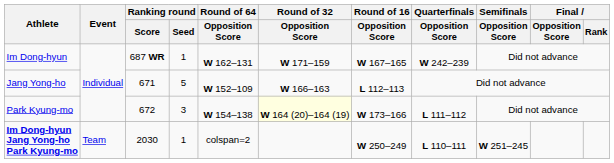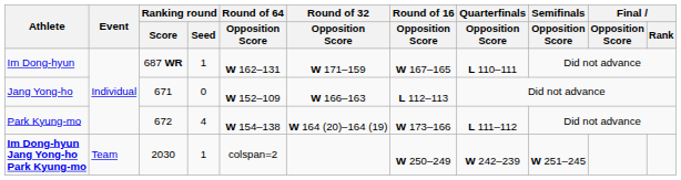 <table class="wikitable" style="font-size:90%">
 <tr>
 <th rowspan="2">Athlete</th>
 <th rowspan="2">Event</th>
 <th colspan="2">Ranking round</th>
 <th>Round of 64</th>
 <th>Round of 32</th>
 <th>Round of 16</th>
 <th>Quarterfinals</th>
 <th>Semifinals</th>
 <th colspan="2">Final / </th>
 </tr>
 <tr style="font-size:95%">
 <th>Score</th>
 <th>Seed</th>
 <th>Opposition<br>Score</th>
 <th>Opposition<br>Score</th>
 <th>Opposition<br>Score</th>
 <th>Opposition<br>Score</th>
 <th>Opposition<br>Score</th>
 <th>Opposition<br>Score</th>
 <th>Rank</th>
 </tr>
 <tr align=center>
 <td align=left><a href='#'>Im Dong-hyun</a></td>
 <td align=left rowspan=3><a href='#'>Individual</a></td>
 <td>687 <strong>WR</strong></td>
 <td>1</td>
 <td><br><strong>W</strong> 162–131</td>
 <td><br><strong>W</strong> 171–159</td>
 <td><br><strong>W</strong> 167–165</td>
-<td><br><strong>W</strong> 242–239</td>
+<td><br><strong>L</strong> 110–111</td>
 <td colspan=3>Did not advance</td>
 </tr>
 <tr align=center>
 <td align=left><a href='#'>Jang Yong-ho</a></td>
 <td>671</td>
-<td>5</td>
+<td>0</td>
 <td><br><strong>W</strong> 152–109</td>
 <td><br><strong>W</strong> 166–163</td>
 <td><br><strong>L</strong> 112–113</td>
 <td colspan=4>Did not advance</td>
 </tr>
 <tr align=center>
 <td align=left><a href='#'>Park Kyung-mo</a></td>
 <td>672</td>
-<td>3</td>
+<td>4</td>
 <td><br><strong>W</strong> 154–138</td>
-<td style="background: lightyellow;"><br><strong>W</strong> 164 (20)–164 (19)</td>
+<td><br><strong>W</strong> 164 (20)–164 (19)</td>
 <td><br><strong>W</strong> 173–166</td>
 <td><br><strong>L</strong> 111–112</td>
 <td colspan=3>Did not advance</td>
 </tr>
 <tr align=center>
 <td align=left><strong><a href='#'>Im Dong-hyun</a><br><a href='#'>Jang Yong-ho</a><br><a href='#'>Park Kyung-mo</a></strong></td>
 <td align=left><a href='#'>Team</a></td>
 <td>2030</td>
 <td>1</td>
 <td>colspan=2 </td>
 <td></td>
 <td><br><strong>W</strong> 250–249</td>
-<td><br><strong>L</strong> 110–111</td>
+<td><br><strong>W</strong> 242–239</td>
 <td><br><strong>W</strong> 251–245</td>
 <td></td>
 </tr>
 </table>
